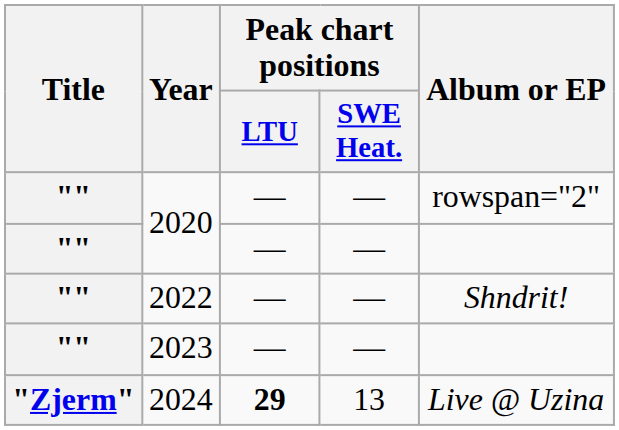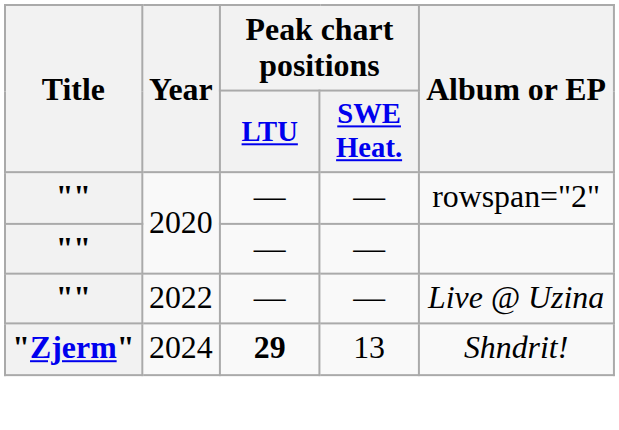 <table class="wikitable plainrowheaders" style="text-align:center;">
 <tr>
 <th scope="col" rowspan="2">Title</th>
 <th scope="col" rowspan="2">Year</th>
 <th scope="col" colspan="2">Peak chart positions</th>
 <th scope="col" rowspan="2">Album or EP</th>
 </tr>
 <tr>
 <th scope="col" style="width:3em;font-size:90%;"><a href='#'>LTU</a><br></th>
 <th scope="col" style="width:3em;font-size:90%;"><a href='#'>SWE<br>Heat.</a><br></th>
 </tr>
 <tr>
 <th scope="row">""</th>
 <td rowspan="2">2020</td>
 <td>—</td>
 <td>—</td>
 <td>rowspan="2" </td>
 </tr>
 <tr>
 <th scope="row">""</th>
 <td>—</td>
 <td>—</td>
 </tr>
 <tr>
 <th scope="row">""</th>
 <td>2022</td>
 <td>—</td>
 <td>—</td>
-<td><em>Shndrit!</em></td>
-</tr>
-<tr>
-<th scope="row">""<br></th>
-<td>2023</td>
-<td>—</td>
-<td>—</td>
-<td></td>
+<td><em>Live @ Uzina</em></td>
 </tr>
 <tr>
 <th scope="row">"<a href='#'>Zjerm</a>"</th>
 <td>2024</td>
 <td><strong>29</strong></td>
 <td>13</td>
-<td><em>Live @ Uzina</em></td>
+<td><em>Shndrit!</em></td>
 </tr>
 </table>
